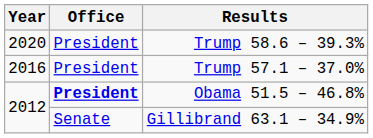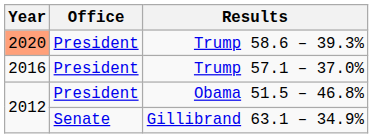 <table class=wikitable>
 <tr>
 <th width="30">Year</th>
 <th width="60">Office</th>
 <th width="180">Results</th>
 </tr>
 <tr>
-<td>2020</td>
+<td style="background: lightsalmon;">2020</td>
 <td><a href='#'>President</a></td>
 <td align="right" ><a href='#'>Trump</a> 58.6 – 39.3%</td>
 </tr>
 <tr>
 <td>2016</td>
 <td><a href='#'>President</a></td>
 <td align="right" ><a href='#'>Trump</a> 57.1 – 37.0%</td>
 </tr>
 <tr>
 <td rowspan="2">2012</td>
-<td><strong><a href='#'>President</a></strong></td>
+<td><a href='#'>President</a></td>
 <td align="right" ><a href='#'>Obama</a> 51.5 – 46.8%</td>
 </tr>
 <tr>
 <td><a href='#'>Senate</a></td>
 <td align="right" ><a href='#'>Gillibrand</a> 63.1 – 34.9%</td>
 </tr>
 </table>
